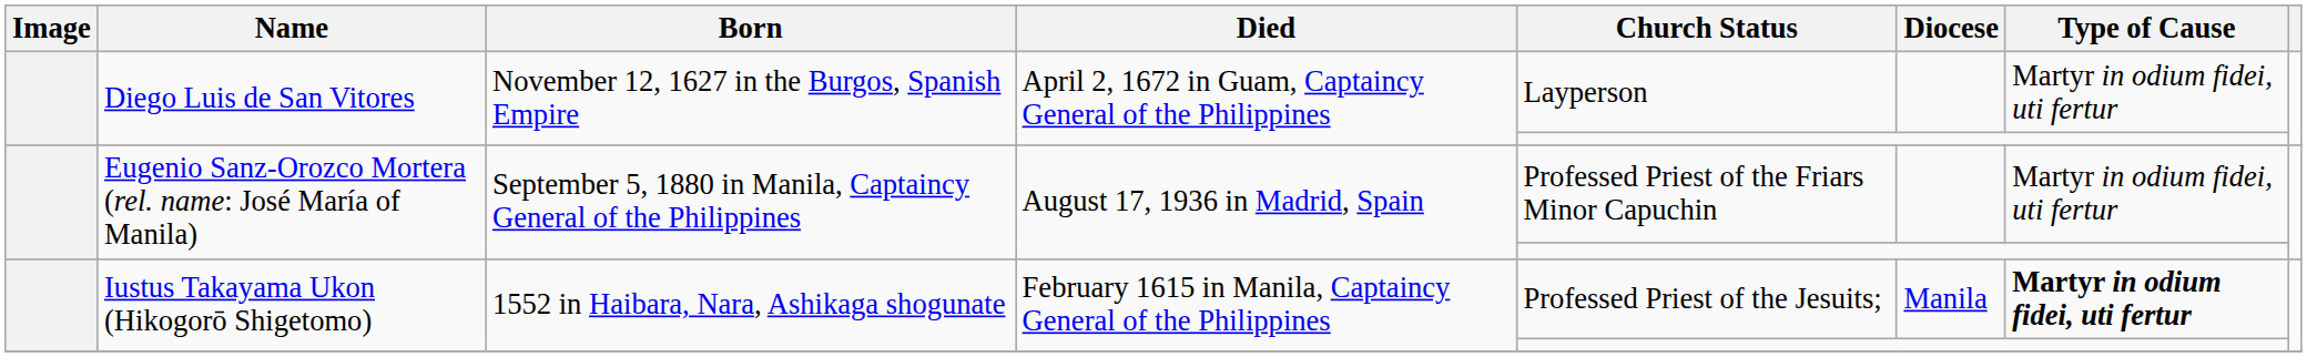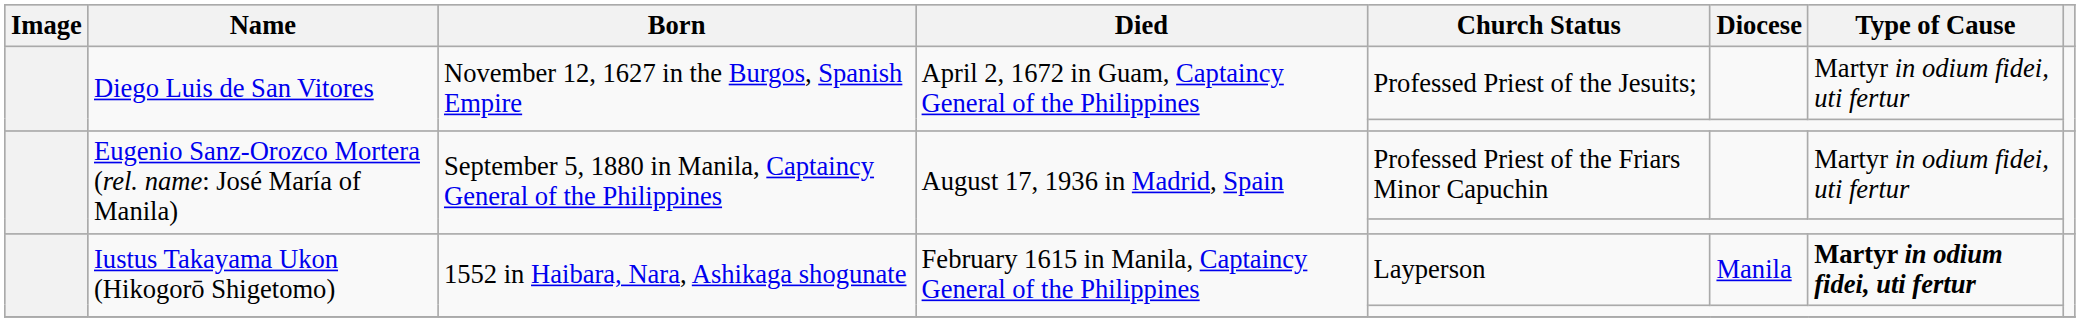 <table class="wikitable">
 <tr>
 <th class="unportable">Image</th>
 <th>Name</th>
 <th>Born</th>
 <th>Died</th>
 <th>Church Status</th>
 <th>Diocese</th>
 <th>Type of Cause</th>
 <th></th>
 </tr>
 <tr>
 <th scope="row" rowspan="2"></th>
 <td rowspan="2"><a href='#'>Diego Luis de San Vitores</a></td>
 <td rowspan="2">November 12, 1627 in the <a href='#'>Burgos</a>, <a href='#'>Spanish Empire</a></td>
 <td rowspan="2">April 2, 1672 in Guam, <a href='#'>Captaincy General of the Philippines</a></td>
-<td>Layperson</td>
+<td>Professed Priest of the Jesuits;</td>
 <td></td>
 <td>Martyr <em>in odium fidei, uti fertur</em></td>
 <td rowspan=2></td>
 </tr>
 <tr>
 <td colspan="3"></td>
 </tr>
 <tr>
 <th scope="row" rowspan="2"></th>
 <td rowspan="2"><a href='#'>Eugenio Sanz-Orozco Mortera</a><br>(<em>rel. name</em>: José María of Manila)</td>
 <td rowspan="2">September 5, 1880 in Manila, <a href='#'>Captaincy General of the Philippines</a></td>
 <td rowspan="2">August 17, 1936 in <a href='#'>Madrid</a>, <a href='#'>Spain</a></td>
 <td>Professed Priest of the Friars Minor Capuchin</td>
 <td></td>
 <td>Martyr <em>in odium fidei, uti fertur</em></td>
 <td rowspan=2></td>
 </tr>
 <tr>
 <td colspan="3"></td>
 </tr>
 <tr>
 <th scope="row" rowspan="2"></th>
 <td rowspan="2"><a href='#'>Iustus Takayama Ukon</a> (Hikogorō Shigetomo)</td>
 <td rowspan="2">1552 in <a href='#'>Haibara, Nara</a>, <a href='#'>Ashikaga shogunate</a></td>
 <td rowspan="2">February 1615 in Manila, <a href='#'>Captaincy General of the Philippines</a></td>
-<td>Professed Priest of the Jesuits;</td>
+<td>Layperson</td>
 <td><a href='#'>Manila</a></td>
 <td><strong>Martyr <em>in odium fidei, uti fertur</em></strong></td>
 <td rowspan=2></td>
 </tr>
 <tr>
 <td colspan="3"></td>
 </tr>
 <tr>
 </tr>
 </table>
